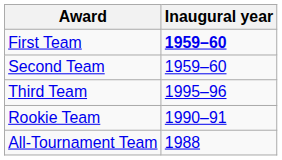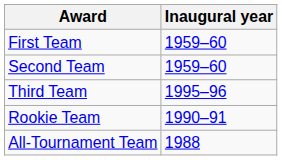 <table class="wikitable">
 <tr>
 <th>Award</th>
 <th>Inaugural year</th>
 </tr>
 <tr>
 <td><a href='#'>First Team</a></td>
-<td><strong><a href='#'>1959–60</a></strong></td>
+<td><a href='#'>1959–60</a></td>
 </tr>
 <tr>
 <td><a href='#'>Second Team</a></td>
 <td><a href='#'>1959–60</a></td>
 </tr>
 <tr>
 <td><a href='#'>Third Team</a></td>
 <td><a href='#'>1995–96</a></td>
 </tr>
 <tr>
 <td><a href='#'>Rookie Team</a></td>
 <td><a href='#'>1990–91</a></td>
 </tr>
 <tr>
 <td><a href='#'>All-Tournament Team</a></td>
 <td><a href='#'>1988</a></td>
 </tr>
 </table>
